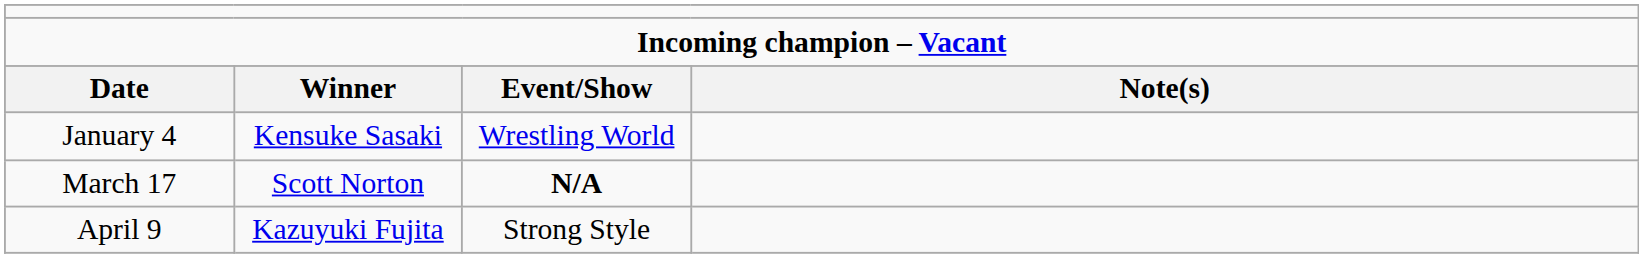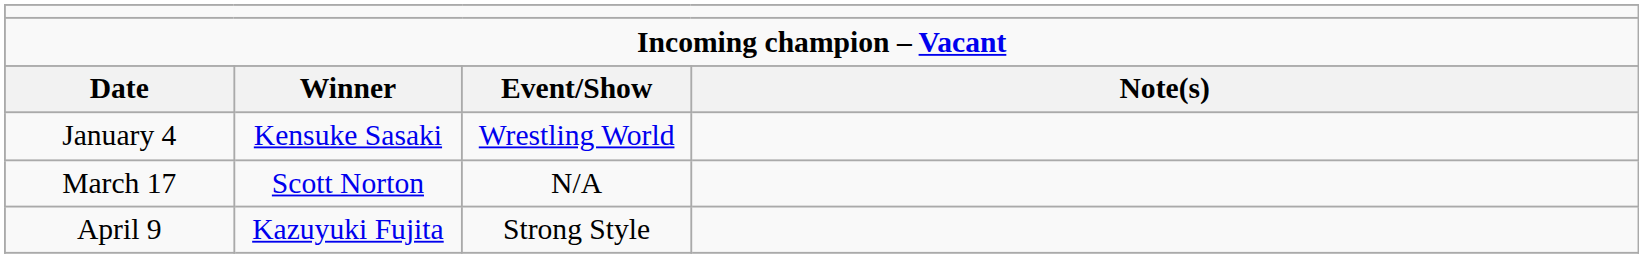 <table class="wikitable" style="text-align:center; width:100%;">
 <tr>
 <td colspan="5"></td>
 </tr>
 <tr>
 <td colspan="5"><strong>Incoming champion – <a href='#'>Vacant</a></strong></td>
 </tr>
 <tr>
 <th width=14%>Date</th>
 <th width=14%>Winner</th>
 <th width=14%>Event/Show</th>
 <th width=58%>Note(s)</th>
 </tr>
 <tr>
 <td>January 4</td>
 <td><a href='#'>Kensuke Sasaki</a></td>
 <td><a href='#'>Wrestling World</a></td>
 <td></td>
 </tr>
 <tr>
 <td>March 17</td>
 <td><a href='#'>Scott Norton</a></td>
-<td><strong>N/A</strong></td>
+<td>N/A</td>
 <td></td>
 </tr>
 <tr>
 <td>April 9</td>
 <td><a href='#'>Kazuyuki Fujita</a></td>
 <td>Strong Style</td>
 <td></td>
 </tr>
 </table>
